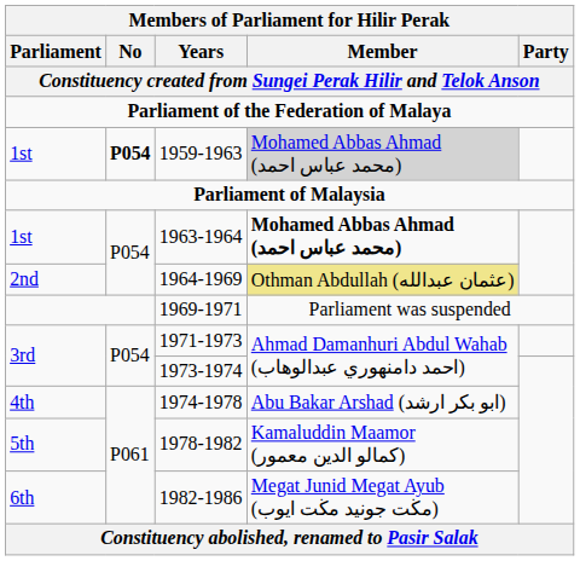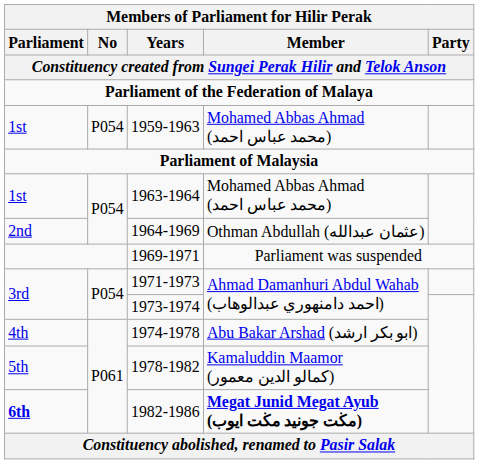 <table class=wikitable>
 <tr>
 <th colspan="5">Members of Parliament for Hilir Perak</th>
 </tr>
 <tr>
 <th>Parliament</th>
 <th>No</th>
 <th>Years</th>
 <th>Member</th>
 <th>Party</th>
 </tr>
 <tr>
 <th colspan="5" align="center"><em>Constituency created from <a href='#'>Sungei Perak Hilir</a> and <a href='#'>Telok Anson</a></em></th>
 </tr>
 <tr>
 <td colspan="5" align="center"><strong>Parliament of the Federation of Malaya</strong></td>
 </tr>
 <tr>
 <td><a href='#'>1st</a></td>
-<td><strong>P054</strong></td>
+<td>P054</td>
 <td>1959-1963</td>
-<td style="background: lightgrey;"><a href='#'>Mohamed Abbas Ahmad</a> <br> (محمد عباس احمد)</td>
+<td><a href='#'>Mohamed Abbas Ahmad</a> <br> (محمد عباس احمد)</td>
 <td></td>
 </tr>
 <tr>
 <td colspan="5" align="center"><strong>Parliament of Malaysia</strong></td>
 </tr>
 <tr>
 <td><a href='#'>1st</a></td>
 <td rowspan="2">P054</td>
 <td>1963-1964</td>
-<td><strong>Mohamed Abbas Ahmad <br> (محمد عباس احمد)</strong></td>
+<td>Mohamed Abbas Ahmad <br> (محمد عباس احمد)</td>
 <td rowspan=2></td>
 </tr>
 <tr>
 <td><a href='#'>2nd</a></td>
 <td>1964-1969</td>
-<td style="background: khaki;">Othman Abdullah (عثمان عبدالله)</td>
+<td>Othman Abdullah (عثمان عبدالله)</td>
 </tr>
 <tr>
 <td colspan="2"></td>
 <td>1969-1971</td>
 <td colspan=2 align=center>Parliament was suspended</td>
 </tr>
 <tr>
 <td rowspan=2><a href='#'>3rd</a></td>
 <td rowspan="2">P054</td>
 <td>1971-1973</td>
 <td rowspan=2><a href='#'>Ahmad Damanhuri Abdul Wahab</a> <br> (احمد دامنهوري عبدالوهاب)</td>
 <td></td>
 </tr>
 <tr>
 <td>1973-1974</td>
 <td rowspan=4></td>
 </tr>
 <tr>
 <td><a href='#'>4th</a></td>
 <td rowspan="3">P061</td>
 <td>1974-1978</td>
 <td><a href='#'>Abu Bakar Arshad</a> (ابو بكر ارشد)</td>
 </tr>
 <tr>
 <td><a href='#'>5th</a></td>
 <td>1978-1982</td>
 <td><a href='#'>Kamaluddin Maamor</a> <br> (كمالو الدين معمور)</td>
 </tr>
 <tr>
-<td><a href='#'>6th</a></td>
+<td><strong><a href='#'>6th</a></strong></td>
 <td>1982-1986</td>
-<td><a href='#'>Megat Junid Megat Ayub</a> <br> (مڬت جونيد مڬت ايوب)</td>
+<td><strong><a href='#'>Megat Junid Megat Ayub</a> <br> (مڬت جونيد مڬت ايوب)</strong></td>
 </tr>
 <tr>
 <th colspan="5" align="center"><em>Constituency abolished, renamed to <a href='#'>Pasir Salak</a></em></th>
 </tr>
 </table>
